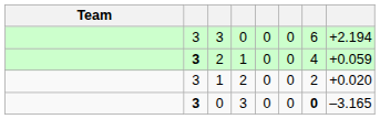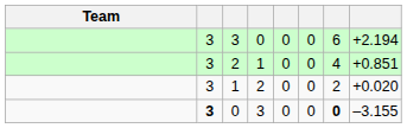 <table class="wikitable" style="text-align:center">
 <tr>
 <th width=200>Team</th>
 <th width=20></th>
 <th width=20></th>
 <th width=20></th>
 <th width=20></th>
 <th width=20></th>
 <th width=20></th>
 <th width=45></th>
 </tr>
 <tr bgcolor=ccffcc>
 <td align="left"></td>
 <td>3</td>
 <td>3</td>
 <td>0</td>
 <td>0</td>
 <td>0</td>
 <td>6</td>
 <td>+2.194</td>
 </tr>
 <tr bgcolor=ccffcc>
 <td align="left"></td>
-<td><strong>3</strong></td>
+<td>3</td>
 <td>2</td>
 <td>1</td>
 <td>0</td>
 <td>0</td>
 <td>4</td>
-<td>+0.059</td>
+<td>+0.851</td>
 </tr>
 <tr>
 <td align="left"></td>
 <td>3</td>
 <td>1</td>
 <td>2</td>
 <td>0</td>
 <td>0</td>
 <td>2</td>
 <td>+0.020</td>
 </tr>
 <tr>
 <td align="left"></td>
 <td><strong>3</strong></td>
 <td>0</td>
 <td>3</td>
 <td>0</td>
 <td>0</td>
 <td><strong>0</strong></td>
-<td>–3.165</td>
+<td>–3.155</td>
 </tr>
 </table>
